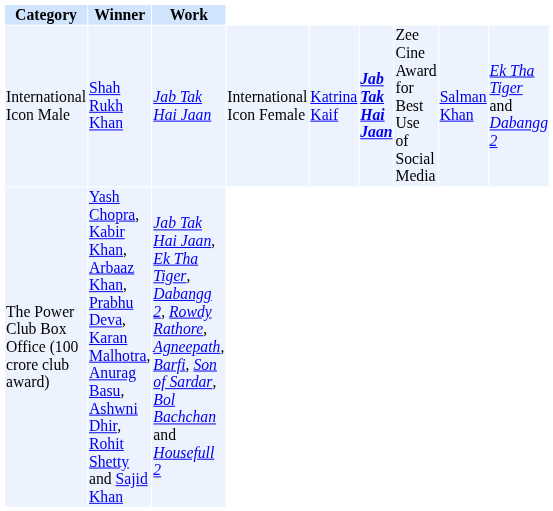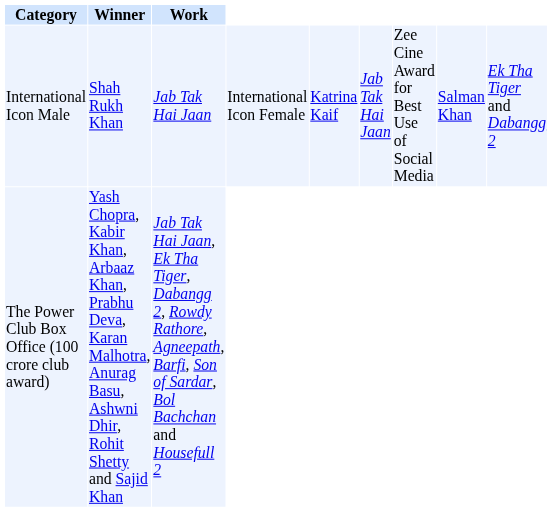 <table cellspacing="1" cellpadding="1" border="0" width="60%">
 <tr bgcolor="#d1e4fd">
 <th>Category</th>
 <th>Winner</th>
 <th>Work</th>
 </tr>
 <tr bgcolor=#edf3fe>
 <td>International Icon Male</td>
 <td><a href='#'>Shah Rukh Khan</a></td>
 <td><em><a href='#'>Jab Tak Hai Jaan</a></em></td>
 <td>International Icon Female</td>
 <td><a href='#'>Katrina Kaif</a></td>
-<td><strong><em><a href='#'>Jab Tak Hai Jaan</a></em></strong></td>
+<td><em><a href='#'>Jab Tak Hai Jaan</a></em></td>
 <td>Zee Cine Award for Best Use of Social Media</td>
 <td><a href='#'>Salman Khan</a></td>
 <td><em><a href='#'>Ek Tha Tiger</a></em> and <em><a href='#'>Dabangg 2</a></em></td>
 </tr>
 <tr bgcolor=#edf3fe>
 <td>The Power Club Box Office (100 crore club award)</td>
 <td><a href='#'>Yash Chopra</a>, <a href='#'>Kabir Khan</a>, <a href='#'>Arbaaz Khan</a>, <a href='#'>Prabhu Deva</a>, <a href='#'>Karan Malhotra</a>, <a href='#'>Anurag Basu</a>, <a href='#'>Ashwni Dhir</a>, <a href='#'>Rohit Shetty</a> and  <a href='#'>Sajid Khan</a></td>
 <td><em><a href='#'>Jab Tak Hai Jaan</a></em>, <em><a href='#'>Ek Tha Tiger</a></em>, <em><a href='#'>Dabangg 2</a></em>,  <em><a href='#'>Rowdy Rathore</a></em>, <em><a href='#'>Agneepath</a></em>, <em><a href='#'>Barfi</a></em>, <em><a href='#'>Son of Sardar</a></em>, <em><a href='#'>Bol Bachchan</a></em> and <em><a href='#'>Housefull 2</a></em></td>
 </tr>
 </table>
